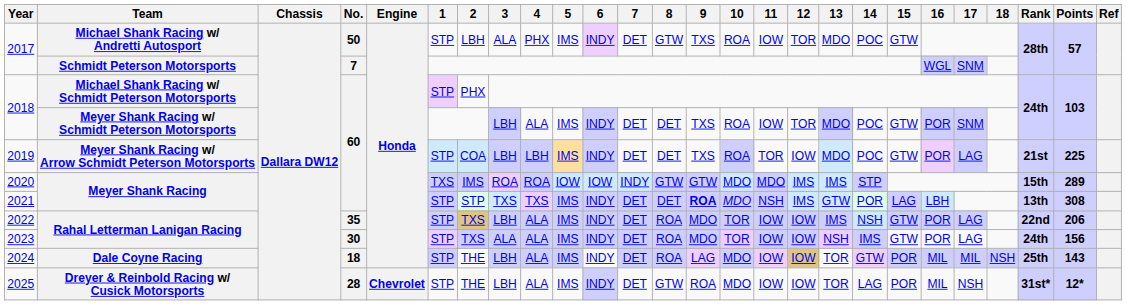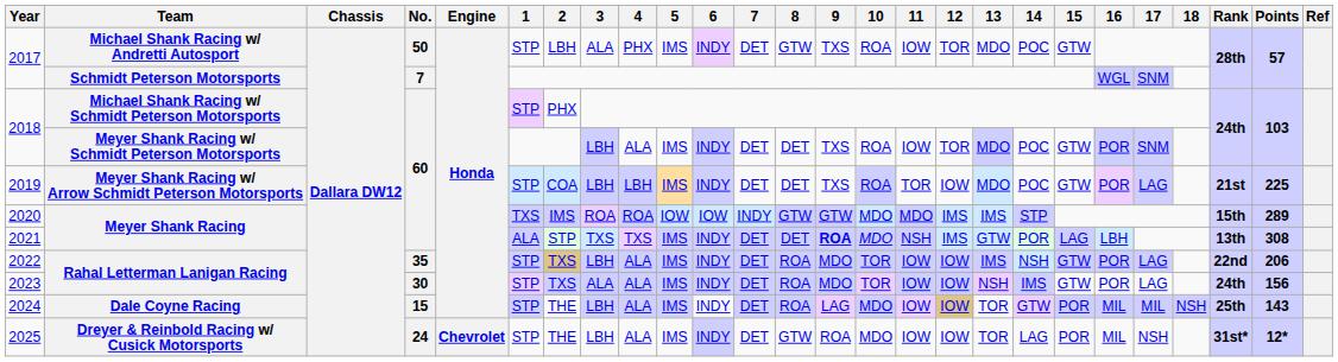 <table class="wikitable" style="text-align:center; font-size:85%">
 <tr>
 <th>Year</th>
 <th>Team</th>
 <th>Chassis</th>
 <th>No.</th>
 <th>Engine</th>
 <th>1</th>
 <th>2</th>
 <th>3</th>
 <th>4</th>
 <th>5</th>
 <th>6</th>
 <th>7</th>
 <th>8</th>
 <th>9</th>
 <th>10</th>
 <th>11</th>
 <th>12</th>
 <th>13</th>
 <th>14</th>
 <th>15</th>
 <th>16</th>
 <th>17</th>
 <th>18</th>
 <th>Rank</th>
 <th>Points</th>
 <th>Ref</th>
 </tr>
 <tr>
 <td rowspan=2><a href='#'>2017</a></td>
 <th nowrap><a href='#'>Michael Shank Racing</a> w/ <br> <a href='#'>Andretti Autosport</a></th>
 <th rowspan=11 nowrap><a href='#'>Dallara DW12</a></th>
 <th>50</th>
 <th rowspan=10><a href='#'>Honda</a></th>
 <td><a href='#'>STP</a></td>
 <td><a href='#'>LBH</a></td>
 <td><a href='#'>ALA</a></td>
 <td><a href='#'>PHX</a></td>
 <td><a href='#'>IMS</a></td>
 <td style="background:#EFCFFF;"><a href='#'>INDY</a><br></td>
 <td><a href='#'>DET</a></td>
 <td><a href='#'>GTW</a><br></td>
 <td><a href='#'>TXS</a></td>
 <td><a href='#'>ROA</a></td>
 <td><a href='#'>IOW</a></td>
 <td><a href='#'>TOR</a></td>
 <td><a href='#'>MDO</a></td>
 <td><a href='#'>POC</a></td>
 <td><a href='#'>GTW</a></td>
 <td colspan=3></td>
 <th rowspan=2 style="background:#CFCFFF;">28th</th>
 <th rowspan=2 style="background:#CFCFFF;">57</th>
 <th rowspan=2></th>
 </tr>
 <tr>
 <th><a href='#'>Schmidt Peterson Motorsports</a></th>
 <th>7</th>
 <td colspan=15></td>
 <td style="background:#CFCFFF;"><a href='#'>WGL</a><br></td>
 <td style="background:#CFCFFF;"><a href='#'>SNM</a><br></td>
 <td></td>
 </tr>
 <tr>
 <td rowspan=2><a href='#'>2018</a></td>
 <th nowrap><a href='#'>Michael Shank Racing</a> w/ <br> <a href='#'>Schmidt Peterson Motorsports</a></th>
 <th rowspan=5>60</th>
 <td style="background:#EFCFFF;"><a href='#'>STP</a><br></td>
 <td><a href='#'>PHX</a></td>
 <td colspan=16></td>
 <th rowspan=2 style="background:#CFCFFF;">24th</th>
 <th rowspan=2 style="background:#CFCFFF;">103</th>
 <th rowspan=2></th>
 </tr>
 <tr>
 <th rowspan=1><a href='#'>Meyer Shank Racing</a> w/ <br> <a href='#'>Schmidt Peterson Motorsports</a></th>
 <td colspan=2></td>
 <td style="background:#CFCFFF;"><a href='#'>LBH</a><br></td>
 <td><a href='#'>ALA</a></td>
 <td><a href='#'>IMS</a></td>
 <td style="background:#CFCFFF;"><a href='#'>INDY</a><br></td>
 <td><a href='#'>DET</a></td>
 <td><a href='#'>DET</a></td>
 <td><a href='#'>TXS</a></td>
 <td><a href='#'>ROA</a></td>
 <td><a href='#'>IOW</a></td>
 <td><a href='#'>TOR</a></td>
 <td style="background:#CFCFFF;"><a href='#'>MDO</a><br></td>
 <td><a href='#'>POC</a></td>
 <td><a href='#'>GTW</a></td>
 <td style="background:#CFCFFF;"><a href='#'>POR</a><br></td>
 <td style="background:#CFCFFF;"><a href='#'>SNM</a><br></td>
 <td></td>
 </tr>
 <tr>
 <td><a href='#'>2019</a></td>
 <th nowrap><a href='#'>Meyer Shank Racing</a> w/ <br> <a href='#'>Arrow Schmidt Peterson Motorsports</a></th>
 <td style="background:#CFEAFF;"><a href='#'>STP</a><br></td>
 <td style="background:#CFEAFF;"><a href='#'>COA</a><br></td>
 <td style="background:#CFCFFF;"><a href='#'>LBH</a><br></td>
 <td style="background:#CFCFFF;"><a href='#'>LBH</a><br></td>
 <td style="background:#FFDF9F;"><a href='#'>IMS</a><br></td>
 <td style="background:#CFCFFF;"><a href='#'>INDY</a><br></td>
 <td><a href='#'>DET</a><br></td>
 <td><a href='#'>DET</a><br></td>
 <td><a href='#'>TXS</a><br></td>
 <td style="background:#CFCFFF;"><a href='#'>ROA</a><br></td>
 <td><a href='#'>TOR</a><br></td>
 <td><a href='#'>IOW</a><br></td>
 <td style="background:#CFEAFF;"><a href='#'>MDO</a><br></td>
 <td><a href='#'>POC</a><br></td>
 <td><a href='#'>GTW</a><br></td>
 <td style="background:#EFCFFF;"><a href='#'>POR</a><br></td>
 <td style="background:#CFCFFF;"><a href='#'>LAG</a><br></td>
 <td></td>
 <th style="background:#CFCFFF;">21st</th>
 <th style="background:#CFCFFF;">225</th>
 <th></th>
 </tr>
 <tr>
 <td><a href='#'>2020</a></td>
 <th rowspan=2><a href='#'>Meyer Shank Racing</a></th>
 <td style="background:#CFCFFF;"><a href='#'>TXS</a><br></td>
 <td style="background:#CFCFFF;"><a href='#'>IMS</a><br></td>
 <td style="background:#EFCFFF;"><a href='#'>ROA</a><br></td>
 <td style="background:#CFCFFF;"><a href='#'>ROA</a><br></td>
 <td style="background:#CFEAFF;"><a href='#'>IOW</a><br></td>
 <td style="background:#CFEAFF;"><a href='#'>IOW</a><br></td>
 <td style="background:#CFEAFF;"><a href='#'>INDY</a><br></td>
 <td style="background:#CFCFFF;"><a href='#'>GTW</a><br></td>
 <td style="background:#CFCFFF;"><a href='#'>GTW</a><br></td>
 <td style="background:#CFEAFF;"><a href='#'>MDO</a><br></td>
 <td style="background:#CFCFFF;"><a href='#'>MDO</a><br></td>
 <td style="background:#CFEAFF;"><a href='#'>IMS</a><br></td>
 <td style="background:#CFEAFF;"><a href='#'>IMS</a><br></td>
 <td style="background:#CFCFFF;"><a href='#'>STP</a><br></td>
 <td colspan=4></td>
 <th style="background:#CFCFFF;">15th</th>
 <th style="background:#CFCFFF;">289</th>
 <th></th>
 </tr>
 <tr>
 <td><a href='#'>2021</a></td>
-<td style="background:#CFCFFF;"><a href='#'>STP</a><br></td>
+<td style="background:#CFCFFF;"><a href='#'>ALA</a><br></td>
 <td style="background:#DFFFDF;"><a href='#'>STP</a><br></td>
 <td style="background:#CFEAFF;"><a href='#'>TXS</a><br></td>
 <td style="background:#EFCFFF;"><a href='#'>TXS</a><br></td>
 <td style="background:#CFCFFF;"><a href='#'>IMS</a><br></td>
 <td style="background:#CFCFFF;"><a href='#'>INDY</a><br></td>
 <td style="background:#CFCFFF;"><a href='#'>DET</a><br></td>
 <td style="background:#CFCFFF;"><a href='#'>DET</a><br></td>
 <td style="background:#CFCFFF;"><strong><a href='#'>ROA</a><br></strong></td>
 <td style="background:#CFCFFF;"><em><a href='#'>MDO</a></em><br></td>
 <td style="background:#CFCFFF;"><a href='#'>NSH</a><br></td>
 <td style="background:#CFEAFF;"><a href='#'>IMS</a><br></td>
 <td style="background:#CFEAFF;"><a href='#'>GTW</a><br></td>
 <td style="background:#DFFFDF;"><a href='#'>POR</a><br></td>
 <td style="background:#CFCFFF;"><a href='#'>LAG</a><br></td>
 <td style="background:#CFEAFF;"><a href='#'>LBH</a><br></td>
 <td colspan=2></td>
 <th style="background:#CFCFFF;">13th</th>
 <th style="background:#CFCFFF;">308</th>
 <th></th>
 </tr>
 <tr>
 <td><a href='#'>2022</a></td>
 <th rowspan=2><a href='#'>Rahal Letterman Lanigan Racing</a></th>
 <th>35</th>
 <td style="background:#CFCFFF;"><a href='#'>STP</a><br></td>
 <td style="background:#DFC484;"><a href='#'>TXS</a><br></td>
 <td style="background:#CFCFFF;"><a href='#'>LBH</a><br></td>
 <td style="background:#CFCFFF;"><a href='#'>ALA</a><br></td>
 <td style="background:#CFCFFF;"><a href='#'>IMS</a><br></td>
 <td style="background:#CFCFFF;"><a href='#'>INDY</a><br></td>
 <td style="background:#CFCFFF;"><a href='#'>DET</a><br></td>
 <td style="background:#CFCFFF;"><a href='#'>ROA</a><br></td>
 <td style="background:#CFCFFF;"><a href='#'>MDO</a><br></td>
 <td style="background:#CFCFFF;"><a href='#'>TOR</a><br></td>
 <td style="background:#CFCFFF;"><a href='#'>IOW</a><br></td>
 <td style="background:#CFCFFF;"><a href='#'>IOW</a><br></td>
 <td style="background:#CFCFFF;"><a href='#'>IMS</a><br></td>
 <td style="background:#CFEAFF;"><a href='#'>NSH</a><br></td>
 <td style="background:#CFCFFF;"><a href='#'>GTW</a><br></td>
 <td style="background:#CFCFFF;"><a href='#'>POR</a><br></td>
 <td style="background:#CFCFFF;"><a href='#'>LAG</a><br></td>
 <td></td>
 <th style="background:#CFCFFF;">22nd</th>
 <th style="background:#CFCFFF;">206</th>
 <th></th>
 </tr>
 <tr>
 <td><a href='#'>2023</a></td>
 <th rowspan=1>30</th>
 <td style="background:#EFCFFF;"><a href='#'>STP</a><br></td>
 <td style="background:#CFCFFF;"><a href='#'>TXS</a><br></td>
 <td style="background:#CFCFFF;"><a href='#'>ALA</a><br></td>
 <td style="background:#CFCFFF;"><a href='#'>ALA</a><br></td>
 <td style="background:#CFCFFF;"><a href='#'>IMS</a><br></td>
 <td style="Background:#CFCFFF;"><a href='#'>INDY</a><br></td>
 <td style="background:#CFCFFF;"><a href='#'>DET</a><br></td>
 <td style="background:#CFCFFF;"><a href='#'>ROA</a><br></td>
 <td style="background:#CFCFFF;"><a href='#'>MDO</a><br></td>
 <td style="background:#EFCFFF;"><a href='#'>TOR</a><br></td>
 <td style="background:#CFCFFF;"><a href='#'>IOW</a><br></td>
 <td style="background:#CFCFFF;"><a href='#'>IOW</a><br></td>
 <td style="background:#EFCFFF;"><a href='#'>NSH</a><br></td>
 <td style="background:#CFCFFF;"><a href='#'>IMS</a><br></td>
 <td><a href='#'>GTW</a><br></td>
 <td><a href='#'>POR</a><br></td>
 <td><a href='#'>LAG</a><br></td>
 <td></td>
 <th style="background:#CFCFFF;">24th</th>
 <th style="background:#CFCFFF;">156</th>
 <th></th>
 </tr>
 <tr>
 <td><a href='#'>2024</a></td>
 <th><a href='#'>Dale Coyne Racing</a></th>
-<th>18</th>
+<th>15</th>
 <td style="background:#CFCFFF;"><a href='#'>STP</a><br></td>
 <td><a href='#'>THE</a><br></td>
 <td style="background:#CFCFFF;"><a href='#'>LBH</a><br></td>
 <td style="background:#CFCFFF;"><a href='#'>ALA</a><br></td>
 <td style="background:#CFCFFF;"><a href='#'>IMS</a><br></td>
 <td><a href='#'>INDY</a><br></td>
 <td style="background:#CFCFFF;"><a href='#'>DET</a><br></td>
 <td style="background:#CFCFFF;"><a href='#'>ROA</a><br></td>
 <td style="background:#EFCFFF;"><a href='#'>LAG</a><br></td>
 <td style="background:#CFCFFF;"><a href='#'>MDO</a><br></td>
 <td style="background:#EFCFFF;"><a href='#'>IOW</a><br></td>
 <td style="background:#DFC484;"><a href='#'>IOW</a><br></td>
 <td><a href='#'>TOR</a><br></td>
 <td style="background:#EFCFFF;"><a href='#'>GTW</a><br></td>
 <td style="background:#CFCFFF;"><a href='#'>POR</a><br></td>
 <td style="background:#CFCFFF;"><a href='#'>MIL</a><br></td>
 <td style="background:#CFCFFF;"><a href='#'>MIL</a><br></td>
 <td style="background:#CFCFFF;"><a href='#'>NSH</a><br></td>
 <th style="background:#CFCFFF;">25th</th>
 <th style="background:#CFCFFF;">143</th>
 <th></th>
 </tr>
 <tr>
 <td><a href='#'>2025</a></td>
 <th nowrap><a href='#'>Dreyer & Reinbold Racing</a> w/ <br> <a href='#'>Cusick Motorsports</a></th>
-<th>28</th>
+<th>24</th>
 <th><a href='#'>Chevrolet</a></th>
 <td><a href='#'>STP</a><br></td>
 <td><a href='#'>THE</a><br></td>
 <td><a href='#'>LBH</a><br></td>
 <td><a href='#'>ALA</a><br></td>
 <td><a href='#'>IMS</a><br></td>
 <td style="background:#CFCFFF;"><a href='#'>INDY</a><br></td>
 <td><a href='#'>DET</a><br></td>
 <td><a href='#'>GTW</a><br></td>
 <td><a href='#'>ROA</a><br></td>
 <td><a href='#'>MDO</a><br></td>
 <td><a href='#'>IOW</a><br></td>
 <td><a href='#'>IOW</a><br></td>
 <td><a href='#'>TOR</a><br></td>
 <td><a href='#'>LAG</a><br></td>
 <td><a href='#'>POR</a><br></td>
 <td><a href='#'>MIL</a><br></td>
 <td><a href='#'>NSH</a><br></td>
 <td></td>
 <th style="background:#CFCFFF;">31st*</th>
 <th style="background:#CFCFFF;">12*</th>
 <th></th>
 </tr>
 </table>
